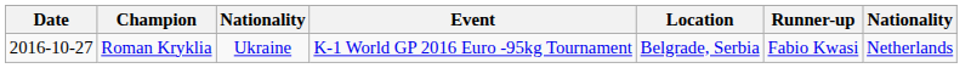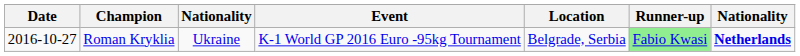 <table class="wikitable" style="text-align:center">
 <tr>
 </tr>
 <tr bgcolor="#dddddd">
 <th>Date</th>
 <th>Champion</th>
 <th>Nationality</th>
 <th>Event</th>
 <th>Location</th>
 <th>Runner-up</th>
 <th>Nationality</th>
 </tr>
 <tr>
 <td>2016-10-27</td>
 <td><a href='#'>Roman Kryklia</a></td>
 <td> <a href='#'>Ukraine</a></td>
 <td><a href='#'>K-1 World GP 2016 Euro -95kg Tournament</a></td>
 <td><a href='#'>Belgrade, Serbia</a></td>
-<td><a href='#'>Fabio Kwasi</a></td>
-<td> <a href='#'>Netherlands</a></td>
+<td style="background: lightgreen;"><a href='#'>Fabio Kwasi</a></td>
+<td><strong> <a href='#'>Netherlands</a></strong></td>
 </tr>
 </table>
